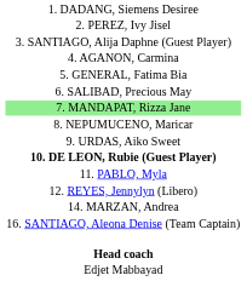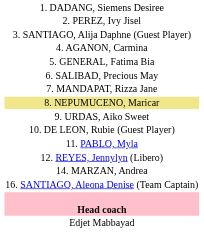 <table style="text-align: center; margin-top: 2em; margin-left: auto; margin-right: auto">
 <tr>
 <td>1. DADANG, Siemens Desiree</td>
 </tr>
 <tr>
 <td>2. PEREZ, Ivy Jisel</td>
 </tr>
 <tr>
 <td>3. SANTIAGO, Alija Daphne (Guest Player)</td>
 </tr>
 <tr>
 <td>4. AGANON, Carmina</td>
 </tr>
 <tr>
 <td>5. GENERAL, Fatima Bia</td>
 </tr>
 <tr>
 <td>6. SALIBAD, Precious May</td>
 </tr>
 <tr>
-<td style="background: lightgreen;">7. MANDAPAT, Rizza Jane</td>
+<td>7. MANDAPAT, Rizza Jane</td>
 </tr>
 <tr>
-<td>8. NEPUMUCENO, Maricar</td>
+<td style="background: khaki;">8. NEPUMUCENO, Maricar</td>
 </tr>
 <tr>
 <td>9. URDAS, Aiko Sweet</td>
 </tr>
 <tr>
-<td><strong>10. DE LEON, Rubie (Guest Player)</strong></td>
+<td>10. DE LEON, Rubie (Guest Player)</td>
 </tr>
 <tr>
 <td>11. <a href='#'>PABLO, Myla</a></td>
 </tr>
 <tr>
 <td>12. <a href='#'>REYES, Jennylyn</a> (Libero)</td>
 </tr>
 <tr>
 <td>14. MARZAN, Andrea</td>
 </tr>
 <tr>
 <td>16. <a href='#'>SANTIAGO, Aleona Denise</a> (Team Captain)</td>
 </tr>
 <tr>
-<td><br><strong>Head coach</strong></td>
+<td style="background: pink;"><br><strong>Head coach</strong></td>
 </tr>
 <tr>
 <td>Edjet Mabbayad</td>
 </tr>
 </table>
